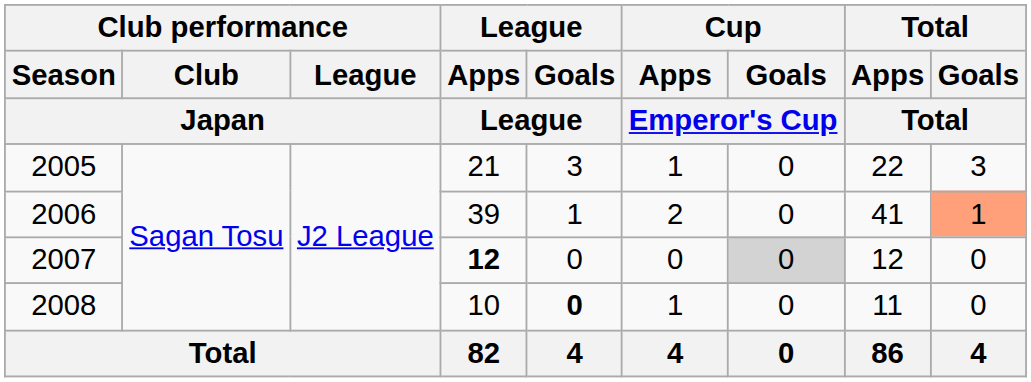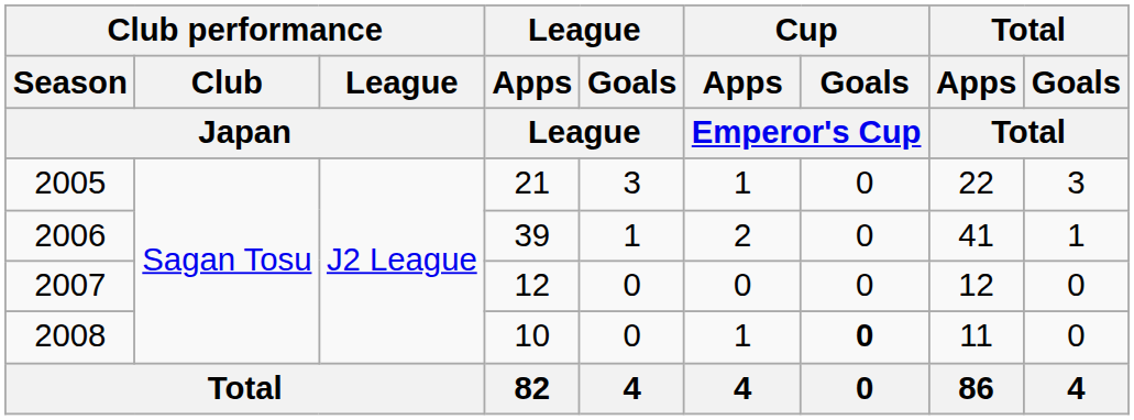 <table class="wikitable" style="text-align:center;">
 <tr>
 <th colspan=3>Club performance</th>
 <th colspan=2>League</th>
 <th colspan=2>Cup</th>
 <th colspan=2>Total</th>
 </tr>
 <tr>
 <th>Season</th>
 <th>Club</th>
 <th>League</th>
 <th>Apps</th>
 <th>Goals</th>
 <th>Apps</th>
 <th>Goals</th>
 <th>Apps</th>
 <th>Goals</th>
 </tr>
 <tr>
 <th colspan=3>Japan</th>
 <th colspan=2>League</th>
 <th colspan=2><a href='#'>Emperor's Cup</a></th>
 <th colspan=2>Total</th>
 </tr>
 <tr>
 <td>2005</td>
 <td rowspan="4"><a href='#'>Sagan Tosu</a></td>
 <td rowspan="4"><a href='#'>J2 League</a></td>
 <td>21</td>
 <td>3</td>
 <td>1</td>
 <td>0</td>
 <td>22</td>
 <td>3</td>
 </tr>
 <tr>
 <td>2006</td>
 <td>39</td>
 <td>1</td>
 <td>2</td>
 <td>0</td>
 <td>41</td>
-<td style="background: lightsalmon;">1</td>
+<td>1</td>
 </tr>
 <tr>
 <td>2007</td>
-<td><strong>12</strong></td>
+<td>12</td>
 <td>0</td>
 <td>0</td>
-<td style="background: lightgrey;">0</td>
+<td>0</td>
 <td>12</td>
 <td>0</td>
 </tr>
 <tr>
 <td>2008</td>
 <td>10</td>
+<td>0</td>
+<td>1</td>
 <td><strong>0</strong></td>
-<td>1</td>
-<td>0</td>
 <td>11</td>
 <td>0</td>
 </tr>
 <tr>
 <th colspan=3>Total</th>
 <th>82</th>
 <th>4</th>
 <th>4</th>
 <th>0</th>
 <th>86</th>
 <th>4</th>
 </tr>
 </table>
